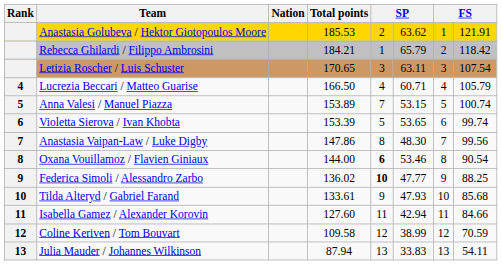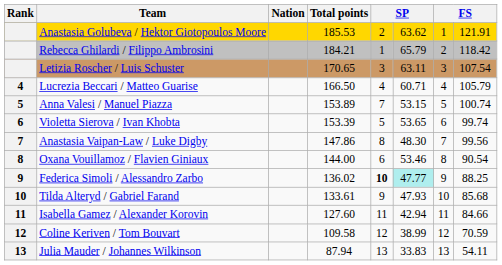 <table class="wikitable sortable" style="text-align:left">
 <tr>
 <th scope="col">Rank</th>
 <th scope="col">Team</th>
 <th scope="col">Nation</th>
 <th scope="col">Total points</th>
 <th scope="col" colspan="2" width="80px"><a href='#'>SP</a></th>
 <th scope="col" colspan="2" width="80px"><a href='#'>FS</a></th>
 </tr>
 <tr bgcolor="gold">
 <th scope="row"></th>
 <td><a href='#'>Anastasia Golubeva</a> / <a href='#'>Hektor Giotopoulos Moore</a></td>
 <td></td>
 <td align="center">185.53</td>
 <td align="center">2</td>
 <td align="center">63.62</td>
 <td align="center">1</td>
 <td align="center">121.91</td>
 </tr>
 <tr bgcolor="silver">
 <th scope="row"></th>
 <td><a href='#'>Rebecca Ghilardi</a> / <a href='#'>Filippo Ambrosini</a></td>
 <td></td>
 <td align="center">184.21</td>
 <td align="center">1</td>
 <td align="center">65.79</td>
 <td align="center">2</td>
 <td align="center">118.42</td>
 </tr>
 <tr bgcolor="cc9966">
 <th scope="row"></th>
 <td><a href='#'>Letizia Roscher</a> / <a href='#'>Luis Schuster</a></td>
 <td></td>
 <td align="center">170.65</td>
 <td align="center">3</td>
 <td align="center">63.11</td>
 <td align="center">3</td>
 <td align="center">107.54</td>
 </tr>
 <tr>
 <th scope="row">4</th>
 <td><a href='#'>Lucrezia Beccari</a> / <a href='#'>Matteo Guarise</a></td>
 <td></td>
 <td align="center">166.50</td>
 <td align="center">4</td>
 <td align="center">60.71</td>
 <td align="center">4</td>
 <td align="center">105.79</td>
 </tr>
 <tr>
 <th scope="row">5</th>
 <td><a href='#'>Anna Valesi</a> / <a href='#'>Manuel Piazza</a></td>
 <td></td>
 <td align="center">153.89</td>
 <td align="center">7</td>
 <td align="center">53.15</td>
 <td align="center">5</td>
 <td align="center">100.74</td>
 </tr>
 <tr>
 <th scope="row">6</th>
 <td><a href='#'>Violetta Sierova</a> / <a href='#'>Ivan Khobta</a></td>
 <td></td>
 <td align="center">153.39</td>
 <td align="center">5</td>
 <td align="center">53.65</td>
 <td align="center">6</td>
 <td align="center">99.74</td>
 </tr>
 <tr>
 <th scope="row">7</th>
 <td><a href='#'>Anastasia Vaipan-Law</a> / <a href='#'>Luke Digby</a></td>
 <td></td>
 <td align="center">147.86</td>
 <td align="center">8</td>
 <td align="center">48.30</td>
 <td align="center">7</td>
 <td align="center">99.56</td>
 </tr>
 <tr>
 <th scope="row">8</th>
 <td><a href='#'>Oxana Vouillamoz</a> / <a href='#'>Flavien Giniaux</a></td>
 <td></td>
 <td align="center">144.00</td>
-<td align="center"><strong>6</strong></td>
+<td align="center">6</td>
 <td align="center">53.46</td>
 <td align="center">8</td>
 <td align="center">90.54</td>
 </tr>
 <tr>
 <th scope="row">9</th>
 <td><a href='#'>Federica Simoli</a> / <a href='#'>Alessandro Zarbo</a></td>
 <td></td>
 <td align="center">136.02</td>
 <td align="center"><strong>10</strong></td>
-<td align="center">47.77</td>
+<td align="center" style="background: paleturquoise;">47.77</td>
 <td align="center">9</td>
 <td align="center">88.25</td>
 </tr>
 <tr>
 <th scope="row">10</th>
 <td><a href='#'>Tilda Alteryd</a> / <a href='#'>Gabriel Farand</a></td>
 <td></td>
 <td align="center">133.61</td>
 <td align="center">9</td>
 <td align="center">47.93</td>
 <td align="center">10</td>
 <td align="center">85.68</td>
 </tr>
 <tr>
 <th scope="row">11</th>
 <td><a href='#'>Isabella Gamez</a> / <a href='#'>Alexander Korovin</a></td>
 <td></td>
 <td align="center">127.60</td>
 <td align="center">11</td>
 <td align="center">42.94</td>
 <td align="center">11</td>
 <td align="center">84.66</td>
 </tr>
 <tr>
 <th scope="row">12</th>
 <td><a href='#'>Coline Keriven</a> / <a href='#'>Tom Bouvart</a></td>
 <td></td>
 <td align="center">109.58</td>
 <td align="center">12</td>
 <td align="center">38.99</td>
 <td align="center">12</td>
 <td align="center">70.59</td>
 </tr>
 <tr>
 <th scope="row">13</th>
 <td><a href='#'>Julia Mauder</a> / <a href='#'>Johannes Wilkinson</a></td>
 <td></td>
 <td align="center">87.94</td>
 <td align="center">13</td>
 <td align="center">33.83</td>
 <td align="center">13</td>
 <td align="center">54.11</td>
 </tr>
 </table>
